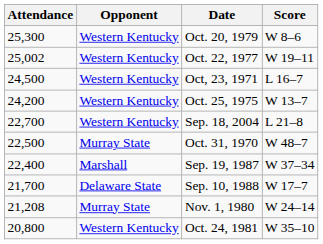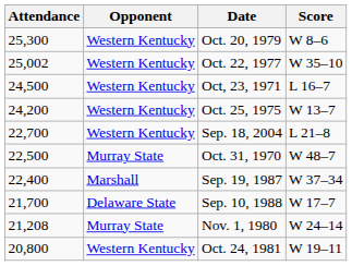 <table class="wikitable">
 <tr>
 <th>Attendance</th>
 <th>Opponent</th>
 <th>Date</th>
 <th>Score</th>
 </tr>
 <tr>
 <td>25,300</td>
 <td><a href='#'>Western Kentucky</a></td>
 <td>Oct. 20, 1979</td>
 <td>W 8–6</td>
 </tr>
 <tr>
 <td>25,002</td>
 <td><a href='#'>Western Kentucky</a></td>
 <td>Oct. 22, 1977</td>
-<td>W 19–11</td>
+<td>W 35–10</td>
 </tr>
 <tr>
 <td>24,500</td>
 <td><a href='#'>Western Kentucky</a></td>
 <td>Oct, 23, 1971</td>
 <td>L 16–7</td>
 </tr>
 <tr>
 <td>24,200</td>
 <td><a href='#'>Western Kentucky</a></td>
 <td>Oct. 25, 1975</td>
 <td>W 13–7</td>
 </tr>
 <tr>
 <td>22,700</td>
 <td><a href='#'>Western Kentucky</a></td>
 <td>Sep. 18, 2004</td>
 <td>L 21–8</td>
 </tr>
 <tr>
 <td>22,500</td>
 <td><a href='#'>Murray State</a></td>
 <td>Oct. 31, 1970</td>
 <td>W 48–7</td>
 </tr>
 <tr>
 <td>22,400</td>
 <td><a href='#'>Marshall</a></td>
 <td>Sep. 19, 1987</td>
 <td>W 37–34</td>
 </tr>
 <tr>
 <td>21,700</td>
 <td><a href='#'>Delaware State</a></td>
 <td>Sep. 10, 1988</td>
 <td>W 17–7</td>
 </tr>
 <tr>
 <td>21,208</td>
 <td><a href='#'>Murray State</a></td>
 <td>Nov. 1, 1980</td>
 <td>W 24–14</td>
 </tr>
 <tr>
 <td>20,800</td>
 <td><a href='#'>Western Kentucky</a></td>
 <td>Oct. 24, 1981</td>
-<td>W 35–10</td>
+<td>W 19–11</td>
 </tr>
 </table>
